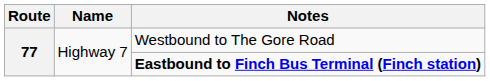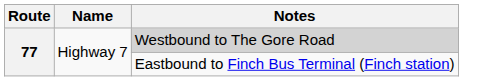 <table class="wikitable">
 <tr>
 <th>Route</th>
 <th>Name</th>
 <th>Notes</th>
 </tr>
 <tr>
 <th rowspan="2">77</th>
 <td rowspan="2">Highway 7</td>
-<td>Westbound to The Gore Road</td>
+<td style="background: lightgrey;">Westbound to The Gore Road</td>
 </tr>
 <tr>
-<td><strong>Eastbound to <a href='#'>Finch Bus Terminal</a> (<a href='#'>Finch station</a>)</strong></td>
+<td>Eastbound to <a href='#'>Finch Bus Terminal</a> (<a href='#'>Finch station</a>)</td>
 </tr>
 </table>
